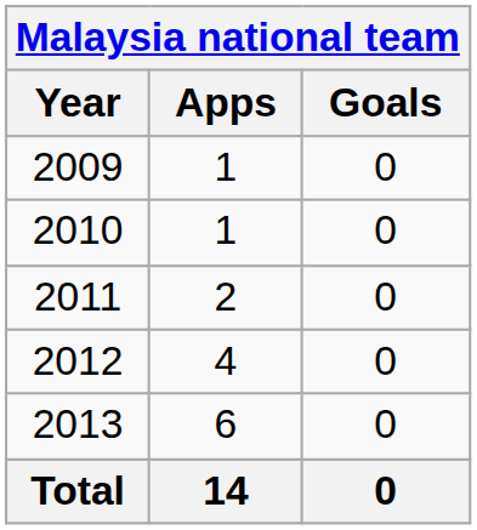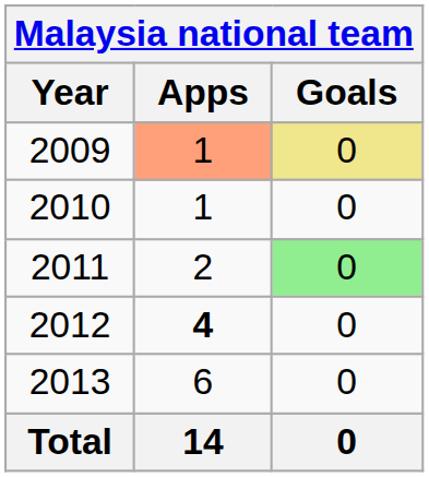 <table class="wikitable" style="text-align:center">
 <tr>
 <th colspan=5><a href='#'>Malaysia national team</a></th>
 </tr>
 <tr>
 <th>Year</th>
 <th>Apps</th>
 <th>Goals</th>
 </tr>
 <tr>
 <td>2009</td>
-<td>1</td>
-<td>0</td>
+<td style="background: lightsalmon;">1</td>
+<td style="background: khaki;">0</td>
 </tr>
 <tr>
 <td>2010</td>
 <td>1</td>
 <td>0</td>
 </tr>
 <tr>
 <td>2011</td>
 <td>2</td>
-<td>0</td>
+<td style="background: lightgreen;">0</td>
 </tr>
 <tr>
 <td>2012</td>
-<td>4</td>
+<td><strong>4</strong></td>
 <td>0</td>
 </tr>
 <tr>
 <td>2013</td>
 <td>6</td>
 <td>0</td>
 </tr>
 <tr>
 <th>Total</th>
 <th>14</th>
 <th>0</th>
 </tr>
 </table>
